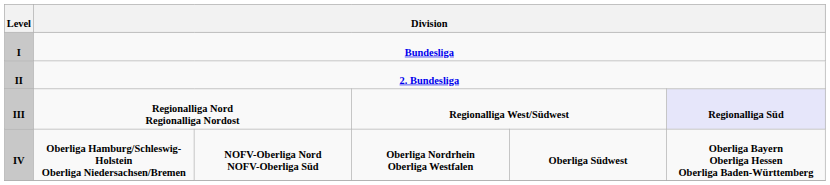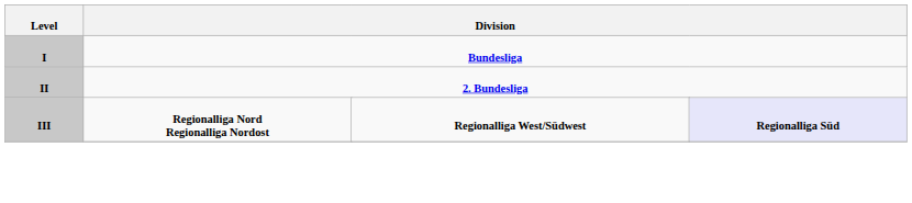 <table class="wikitable" style="text-align:center" height="30" width="100%">
 <tr style="background:#c8c8c8">
 <th colspan="1" height="30"><br>Level</th>
 <th colspan="5"><br>Division</th>
 </tr>
 <tr>
 <td colspan="1" style="background:#c8c8c8"><br><strong>I</strong></td>
 <td colspan="5"><br><strong><a href='#'>Bundesliga</a></strong></td>
 </tr>
 <tr>
 <td colspan="1" style="background:#c8c8c8"><br><strong>II</strong></td>
 <td colspan="5"><br><strong><a href='#'>2. Bundesliga</a></strong></td>
 </tr>
 <tr>
 <td colspan="1" style="background:#c8c8c8"><br><strong>III</strong></td>
 <td colspan="2"><br><strong>Regionalliga Nord</strong><br> <strong>Regionalliga Nordost</strong></td>
 <td colspan="2"><br><strong>Regionalliga West/Südwest</strong></td>
 <td colspan="1" style="background: lavender;"><br><strong>Regionalliga Süd</strong></td>
 </tr>
 <tr>
-<td colspan="1" style="background:#c8c8c8"><br><strong>IV</strong></td>
-<td colspan="1" width="20%"><br><strong>Oberliga Hamburg/Schleswig-Holstein</strong><br> <strong>Oberliga Niedersachsen/Bremen</strong></td>
-<td colspan="1" width="20%"><br><strong>NOFV-Oberliga Nord</strong><br> <strong>NOFV-Oberliga Süd</strong></td>
-<td colspan="1" width="20%"><br><strong>Oberliga Nordrhein</strong><br> <strong>Oberliga Westfalen</strong></td>
-<td colspan="1" width="20%"><br><strong>Oberliga Südwest</strong></td>
-<td colspan="1" width="20%"><br><strong>Oberliga Bayern</strong><br> <strong>Oberliga Hessen</strong><br> <strong>Oberliga Baden-Württemberg</strong></td>
-</tr>
-<tr>
 </tr>
 </table>
